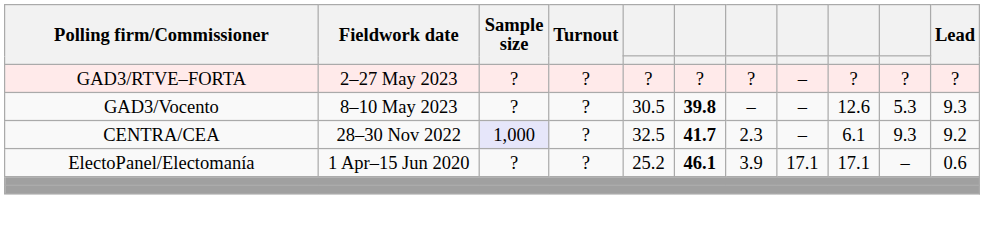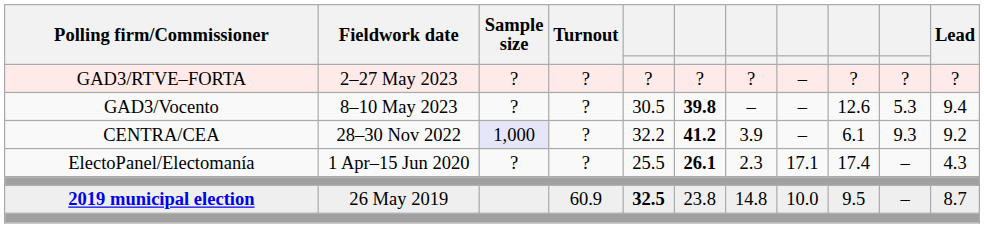 <table class="wikitable collapsible collapsed" style="text-align:center; font-size:95%; line-height:16px;">
 <tr style="height:42px;">
 <th style="width:250px;" rowspan="2">Polling firm/Commissioner</th>
 <th style="width:125px;" rowspan="2">Fieldwork date</th>
 <th style="width:50px;" rowspan="2">Sample size</th>
 <th style="width:45px;" rowspan="2">Turnout</th>
 <th style="width:35px;"></th>
 <th style="width:35px;"></th>
 <th style="width:35px;"></th>
 <th style="width:35px;"></th>
 <th style="width:35px;"></th>
 <th style="width:35px;"></th>
 <th style="width:30px;" rowspan="2">Lead</th>
 </tr>
 <tr>
 <th style="color:inherit;background:"></th>
 <th style="color:inherit;background:"></th>
 <th style="color:inherit;background:"></th>
 <th style="color:inherit;background:"></th>
 <th style="color:inherit;background:"></th>
 <th style="color:inherit;background:"></th>
 </tr>
 <tr style="background:#FFEAEA;">
 <td>GAD3/RTVE–FORTA</td>
 <td>2–27 May 2023</td>
 <td>?</td>
 <td>?</td>
 <td>?<br></td>
 <td>?<br></td>
 <td>?<br></td>
 <td>–</td>
 <td>?<br></td>
 <td>?<br></td>
 <td style="background:">?</td>
 </tr>
 <tr>
 <td>GAD3/Vocento</td>
 <td>8–10 May 2023</td>
 <td>?</td>
 <td>?</td>
 <td>30.5<br></td>
 <td><strong>39.8</strong><br></td>
 <td>–</td>
 <td>–</td>
 <td>12.6<br></td>
 <td>5.3<br></td>
-<td style="background:">9.3</td>
+<td style="background:">9.4</td>
 </tr>
 <tr>
 <td>CENTRA/CEA</td>
 <td>28–30 Nov 2022</td>
 <td style="background: lavender;">1,000</td>
 <td>?</td>
-<td>32.5<br></td>
-<td><strong>41.7</strong><br></td>
-<td>2.3<br></td>
+<td>32.2<br></td>
+<td><strong>41.2</strong><br></td>
+<td>3.9<br></td>
 <td>–</td>
 <td>6.1<br></td>
 <td>9.3<br></td>
 <td style="background:">9.2</td>
 </tr>
 <tr>
 <td>ElectoPanel/Electomanía</td>
 <td>1 Apr–15 Jun 2020</td>
 <td>?</td>
 <td>?</td>
-<td>25.2<br></td>
-<td><strong>46.1</strong><br></td>
-<td>3.9<br></td>
+<td>25.5<br></td>
+<td><strong>26.1</strong><br></td>
+<td>2.3<br></td>
 <td>17.1<br></td>
-<td>17.1<br></td>
+<td>17.4<br></td>
 <td>–</td>
-<td style="background:">0.6</td>
+<td style="background:">4.3</td>
 </tr>
 <tr>
 <td colspan="11" style="background:#A0A0A0"></td>
+</tr>
+<tr style="background:#EFEFEF;">
+<td><strong><a href='#'>2019 municipal election</a></strong></td>
+<td>26 May 2019</td>
+<td></td>
+<td>60.9</td>
+<td><strong>32.5</strong><br></td>
+<td>23.8<br></td>
+<td>14.8<br></td>
+<td>10.0<br></td>
+<td>9.5<br></td>
+<td>–</td>
+<td style="background:">8.7</td>
 </tr>
 <tr>
 <td colspan="11" style="background:#A0A0A0"></td>
 </tr>
 </table>
